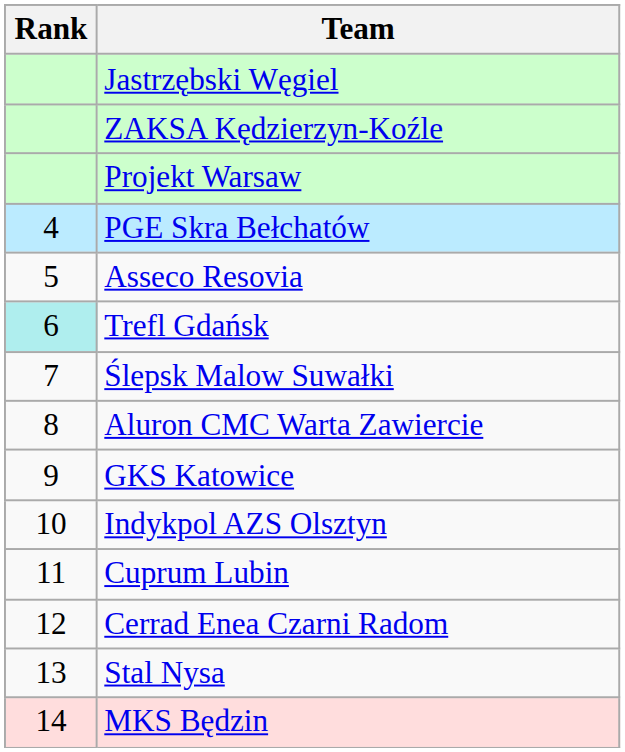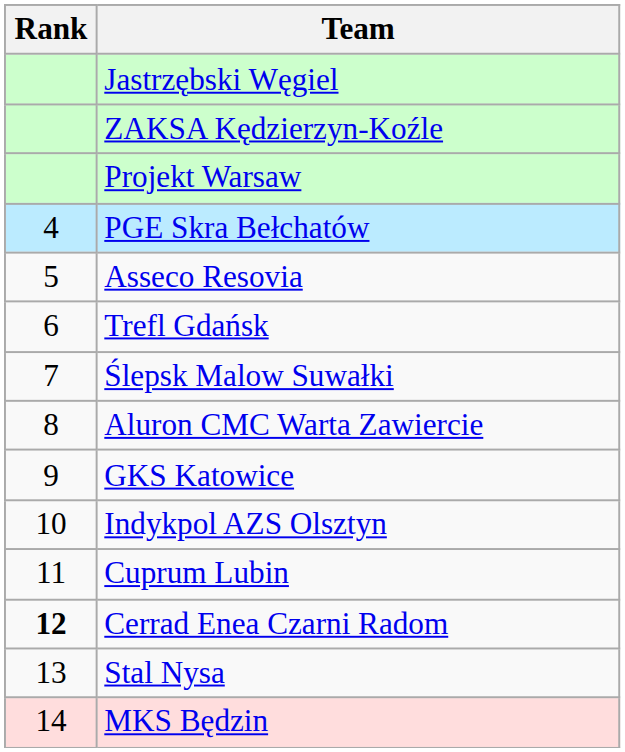 <table class="wikitable" style="white-space: nowrap; width:25%;">
 <tr>
 <th width=15%>Rank</th>
 <th>Team</th>
 </tr>
 <tr bgcolor=#CCFFCC>
 <td style="text-align:center;"></td>
 <td><a href='#'>Jastrzębski Węgiel</a></td>
 </tr>
 <tr bgcolor=#CCFFCC>
 <td style="text-align:center;"></td>
 <td><a href='#'>ZAKSA Kędzierzyn-Koźle</a></td>
 </tr>
 <tr bgcolor=#CCFFCC>
 <td style="text-align:center;"></td>
 <td><a href='#'>Projekt Warsaw</a></td>
 </tr>
 <tr bgcolor=#BBEBFF>
 <td style="text-align:center;">4</td>
 <td><a href='#'>PGE Skra Bełchatów</a></td>
 </tr>
 <tr>
 <td style="text-align:center;">5</td>
 <td><a href='#'>Asseco Resovia</a></td>
 </tr>
 <tr>
-<td style="background: paleturquoise; text-align:center;">6</td>
+<td style="text-align:center;">6</td>
 <td><a href='#'>Trefl Gdańsk</a></td>
 </tr>
 <tr>
 <td style="text-align:center;">7</td>
 <td><a href='#'>Ślepsk Malow Suwałki</a></td>
 </tr>
 <tr>
 <td style="text-align:center;">8</td>
 <td><a href='#'>Aluron CMC Warta Zawiercie</a></td>
 </tr>
 <tr>
 <td style="text-align:center;">9</td>
 <td><a href='#'>GKS Katowice</a></td>
 </tr>
 <tr>
 <td style="text-align:center;">10</td>
 <td><a href='#'>Indykpol AZS Olsztyn</a></td>
 </tr>
 <tr>
 <td style="text-align:center;">11</td>
 <td><a href='#'>Cuprum Lubin</a></td>
 </tr>
 <tr>
-<td style="text-align:center;">12</td>
+<td style="text-align:center;"><strong>12</strong></td>
 <td><a href='#'>Cerrad Enea Czarni Radom</a></td>
 </tr>
 <tr>
 <td style="text-align:center;">13</td>
 <td><a href='#'>Stal Nysa</a></td>
 </tr>
 <tr bgcolor=#FFDDDD>
 <td style="text-align:center;">14</td>
 <td><a href='#'>MKS Będzin</a></td>
 </tr>
 </table>
